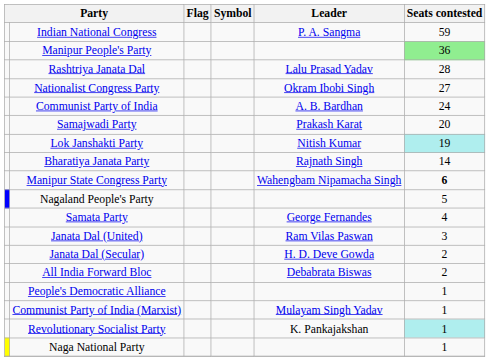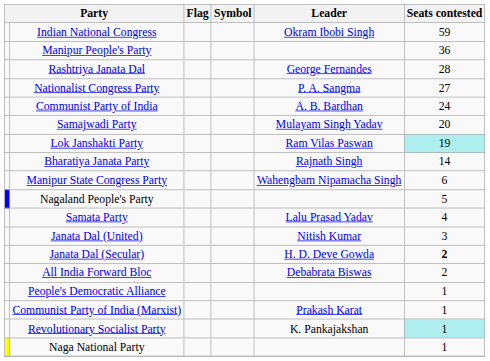 <table class="wikitable" style="text-align:center;">
 <tr>
 <th colspan="2">Party</th>
 <th>Flag</th>
 <th>Symbol</th>
 <th>Leader</th>
 <th>Seats contested</th>
 </tr>
 <tr>
 <td></td>
 <td><a href='#'>Indian National Congress</a></td>
 <td></td>
 <td></td>
-<td><a href='#'>P. A. Sangma</a></td>
+<td><a href='#'>Okram Ibobi Singh</a></td>
 <td>59</td>
 </tr>
 <tr>
 <td></td>
 <td><a href='#'>Manipur People's Party</a></td>
 <td></td>
 <td></td>
 <td></td>
-<td style="background: lightgreen;">36</td>
+<td>36</td>
 </tr>
 <tr>
 <td></td>
 <td><a href='#'>Rashtriya Janata Dal</a></td>
 <td></td>
 <td></td>
-<td><a href='#'>Lalu Prasad Yadav</a></td>
+<td><a href='#'>George Fernandes</a></td>
 <td>28</td>
 </tr>
 <tr>
 <td></td>
 <td><a href='#'>Nationalist Congress Party</a></td>
 <td></td>
 <td></td>
-<td><a href='#'>Okram Ibobi Singh</a></td>
+<td><a href='#'>P. A. Sangma</a></td>
 <td>27</td>
 </tr>
 <tr>
 <td></td>
 <td><a href='#'>Communist Party of India</a></td>
 <td></td>
 <td></td>
 <td><a href='#'>A. B. Bardhan</a></td>
 <td>24</td>
 </tr>
 <tr>
 <td></td>
 <td><a href='#'>Samajwadi Party</a></td>
 <td></td>
 <td></td>
-<td><a href='#'>Prakash Karat</a></td>
+<td><a href='#'>Mulayam Singh Yadav</a></td>
 <td>20</td>
 </tr>
 <tr>
 <td></td>
 <td><a href='#'>Lok Janshakti Party</a></td>
 <td></td>
 <td></td>
-<td><a href='#'>Nitish Kumar</a></td>
+<td><a href='#'>Ram Vilas Paswan</a></td>
 <td style="background: paleturquoise;">19</td>
 </tr>
 <tr>
 <td></td>
 <td><a href='#'>Bharatiya Janata Party</a></td>
 <td></td>
 <td></td>
 <td><a href='#'>Rajnath Singh</a></td>
 <td>14</td>
 </tr>
 <tr>
 <td></td>
 <td><a href='#'>Manipur State Congress Party</a></td>
 <td></td>
 <td></td>
 <td><a href='#'>Wahengbam Nipamacha Singh</a></td>
-<td><strong>6</strong></td>
+<td>6</td>
 </tr>
 <tr>
 <td style="background-color: blue;"></td>
 <td>Nagaland People's Party</td>
 <td></td>
 <td></td>
 <td></td>
 <td>5</td>
 </tr>
 <tr>
 <td></td>
 <td><a href='#'>Samata Party</a></td>
 <td></td>
 <td></td>
-<td><a href='#'>George Fernandes</a></td>
+<td><a href='#'>Lalu Prasad Yadav</a></td>
 <td>4</td>
 </tr>
 <tr>
 <td></td>
 <td><a href='#'>Janata Dal (United)</a></td>
 <td></td>
 <td></td>
-<td><a href='#'>Ram Vilas Paswan</a></td>
+<td><a href='#'>Nitish Kumar</a></td>
 <td>3</td>
 </tr>
 <tr>
 <td></td>
 <td><a href='#'>Janata Dal (Secular)</a></td>
 <td></td>
 <td></td>
 <td><a href='#'>H. D. Deve Gowda</a></td>
-<td>2</td>
+<td><strong>2</strong></td>
 </tr>
 <tr>
 <td></td>
 <td><a href='#'>All India Forward Bloc</a></td>
 <td></td>
 <td></td>
 <td><a href='#'>Debabrata Biswas</a></td>
 <td>2</td>
 </tr>
 <tr>
 <td></td>
 <td><a href='#'>People's Democratic Alliance</a></td>
 <td></td>
 <td></td>
 <td></td>
 <td>1</td>
 </tr>
 <tr>
 <td></td>
 <td><a href='#'>Communist Party of India (Marxist)</a></td>
 <td></td>
 <td></td>
-<td><a href='#'>Mulayam Singh Yadav</a></td>
+<td><a href='#'>Prakash Karat</a></td>
 <td>1</td>
 </tr>
 <tr>
 <td></td>
 <td><a href='#'>Revolutionary Socialist Party</a></td>
 <td></td>
 <td></td>
 <td>K. Pankajakshan</td>
 <td style="background: paleturquoise;">1</td>
 </tr>
 <tr>
 <td style="background-color: yellow;"></td>
 <td>Naga National Party</td>
 <td></td>
 <td></td>
 <td></td>
 <td>1</td>
 </tr>
 <tr>
 </tr>
 </table>
